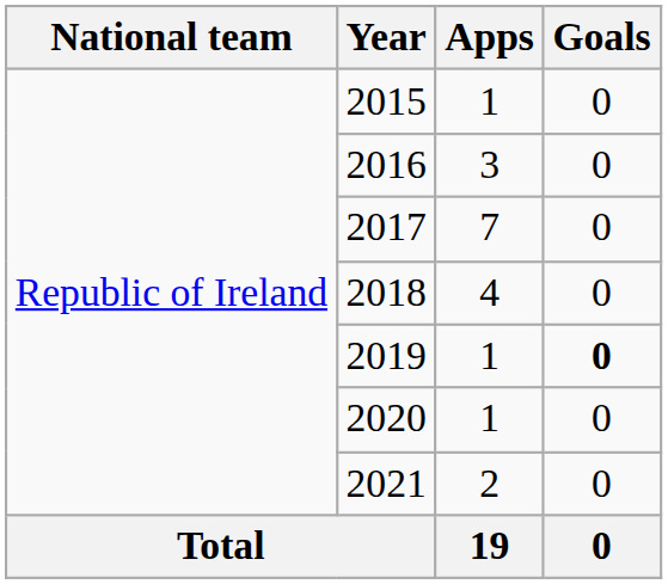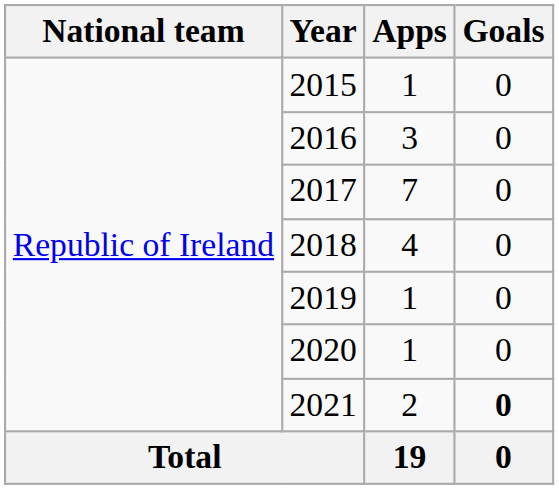 <table class="wikitable" style="text-align:center">
 <tr>
 <th>National team</th>
 <th>Year</th>
 <th>Apps</th>
 <th>Goals</th>
 </tr>
 <tr>
 <td rowspan="7"><a href='#'>Republic of Ireland</a></td>
 <td>2015</td>
 <td>1</td>
 <td>0</td>
 </tr>
 <tr>
 <td>2016</td>
 <td>3</td>
 <td>0</td>
 </tr>
 <tr>
 <td>2017</td>
 <td>7</td>
 <td>0</td>
 </tr>
 <tr>
 <td>2018</td>
 <td>4</td>
 <td>0</td>
 </tr>
 <tr>
 <td>2019</td>
 <td>1</td>
-<td><strong>0</strong></td>
+<td>0</td>
 </tr>
 <tr>
 <td>2020</td>
 <td>1</td>
 <td>0</td>
 </tr>
 <tr>
 <td>2021</td>
 <td>2</td>
-<td>0</td>
+<td><strong>0</strong></td>
 </tr>
 <tr>
 <th colspan="2">Total</th>
 <th>19</th>
 <th>0</th>
 </tr>
 </table>
